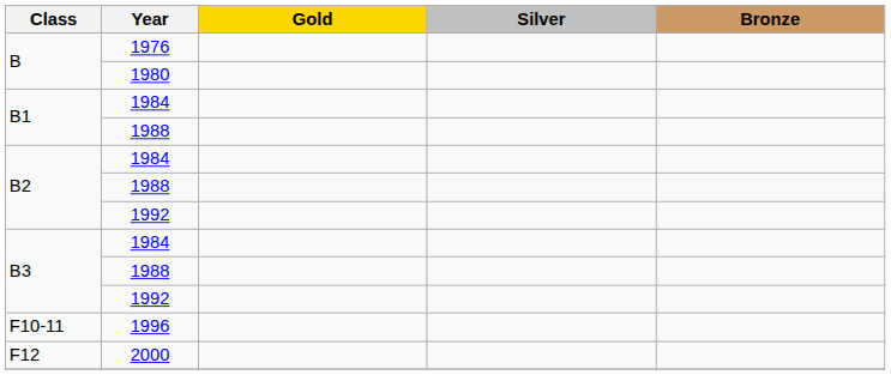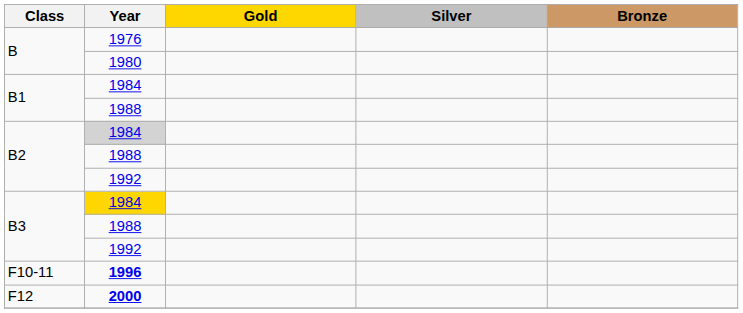 <table class="wikitable">
 <tr>
 <th width=80>Class</th>
 <th width=80>Year</th>
 <td align=center width=200 bgcolor=gold><strong>Gold</strong></td>
 <td align=center width=200 bgcolor=silver><strong>Silver</strong></td>
 <td align=center width=200 bgcolor=cc9966><strong>Bronze</strong></td>
 </tr>
 <tr>
 <td rowspan=2>B</td>
 <td align=center><a href='#'>1976</a></td>
 <td></td>
 <td></td>
 <td></td>
 </tr>
 <tr>
 <td align=center><a href='#'>1980</a></td>
 <td></td>
 <td></td>
 <td></td>
 </tr>
 <tr>
 <td rowspan=2>B1</td>
 <td align=center><a href='#'>1984</a></td>
 <td></td>
 <td></td>
 <td></td>
 </tr>
 <tr>
 <td align=center><a href='#'>1988</a></td>
 <td></td>
 <td></td>
 <td></td>
 </tr>
 <tr>
 <td rowspan=3>B2</td>
-<td align=center><a href='#'>1984</a></td>
+<td align=center style="background: lightgrey;"><a href='#'>1984</a></td>
 <td></td>
 <td></td>
 <td></td>
 </tr>
 <tr>
 <td align=center><a href='#'>1988</a></td>
 <td></td>
 <td></td>
 <td></td>
 </tr>
 <tr>
 <td align=center><a href='#'>1992</a></td>
 <td></td>
 <td></td>
 <td><br> </td>
 </tr>
 <tr>
 <td rowspan=3>B3</td>
-<td align=center><a href='#'>1984</a></td>
+<td align=center style="background: gold;"><a href='#'>1984</a></td>
 <td></td>
 <td></td>
 <td><br> </td>
 </tr>
 <tr>
 <td align=center><a href='#'>1988</a></td>
 <td></td>
 <td></td>
 <td></td>
 </tr>
 <tr>
 <td align=center><a href='#'>1992</a></td>
 <td></td>
 <td></td>
 <td></td>
 </tr>
 <tr>
 <td>F10-11</td>
-<td align=center><a href='#'>1996</a></td>
+<td align=center><strong><a href='#'>1996</a></strong></td>
 <td></td>
 <td></td>
 <td></td>
 </tr>
 <tr>
 <td>F12</td>
-<td align=center><a href='#'>2000</a></td>
+<td align=center><strong><a href='#'>2000</a></strong></td>
 <td></td>
 <td></td>
 <td></td>
 </tr>
 <tr>
 </tr>
 </table>
